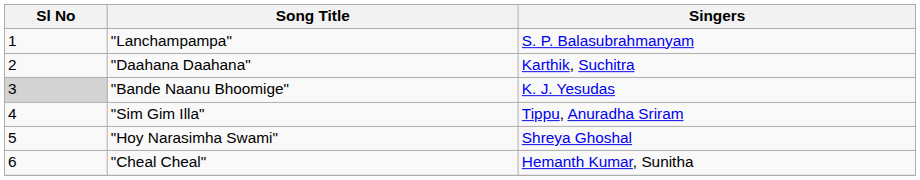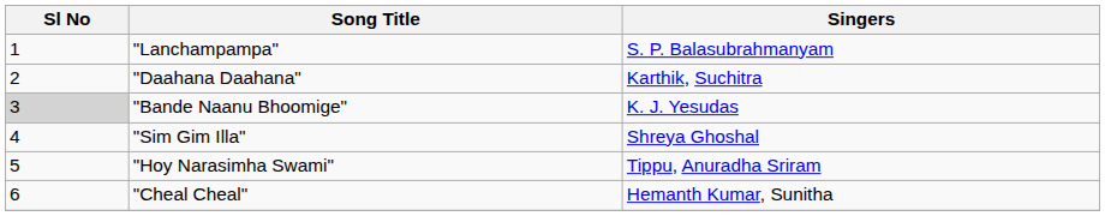 <table class="wikitable" width="60%">
 <tr>
 <th>Sl No</th>
 <th>Song Title</th>
 <th>Singers</th>
 </tr>
 <tr>
 <td>1</td>
 <td>"Lanchampampa"</td>
 <td><a href='#'>S. P. Balasubrahmanyam</a></td>
 </tr>
 <tr>
 <td>2</td>
 <td>"Daahana Daahana"</td>
 <td><a href='#'>Karthik</a>, <a href='#'>Suchitra</a></td>
 </tr>
 <tr>
 <td style="background: lightgrey;">3</td>
 <td>"Bande Naanu Bhoomige"</td>
 <td><a href='#'>K. J. Yesudas</a></td>
 </tr>
 <tr>
 <td>4</td>
 <td>"Sim Gim Illa"</td>
-<td><a href='#'>Tippu</a>, <a href='#'>Anuradha Sriram</a></td>
+<td><a href='#'>Shreya Ghoshal</a></td>
 </tr>
 <tr>
 <td>5</td>
 <td>"Hoy Narasimha Swami"</td>
-<td><a href='#'>Shreya Ghoshal</a></td>
+<td><a href='#'>Tippu</a>, <a href='#'>Anuradha Sriram</a></td>
 </tr>
 <tr>
 <td>6</td>
 <td>"Cheal Cheal"</td>
 <td><a href='#'>Hemanth Kumar</a>, Sunitha</td>
 </tr>
 <tr>
 </tr>
 </table>
